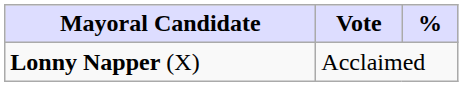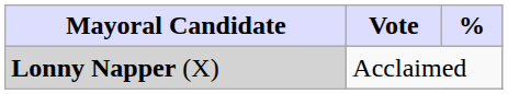 <table class="wikitable">
 <tr>
 <th style="background:#ddf; width:200px;">Mayoral Candidate</th>
 <th style="background:#ddf; width:50px;">Vote</th>
 <th style="background:#ddf; width:30px;">%</th>
 </tr>
 <tr>
-<td><strong>Lonny Napper</strong> (X)</td>
+<td style="background: lightgrey;"><strong>Lonny Napper</strong> (X)</td>
 <td colspan="2">Acclaimed</td>
 </tr>
 </table>
